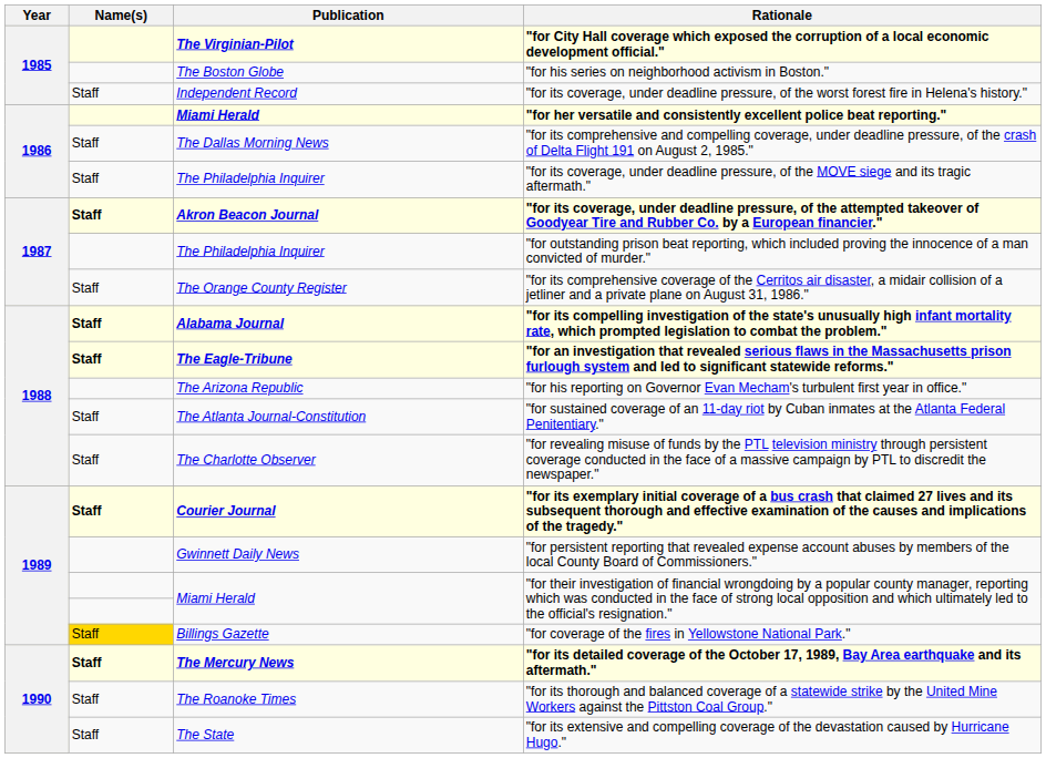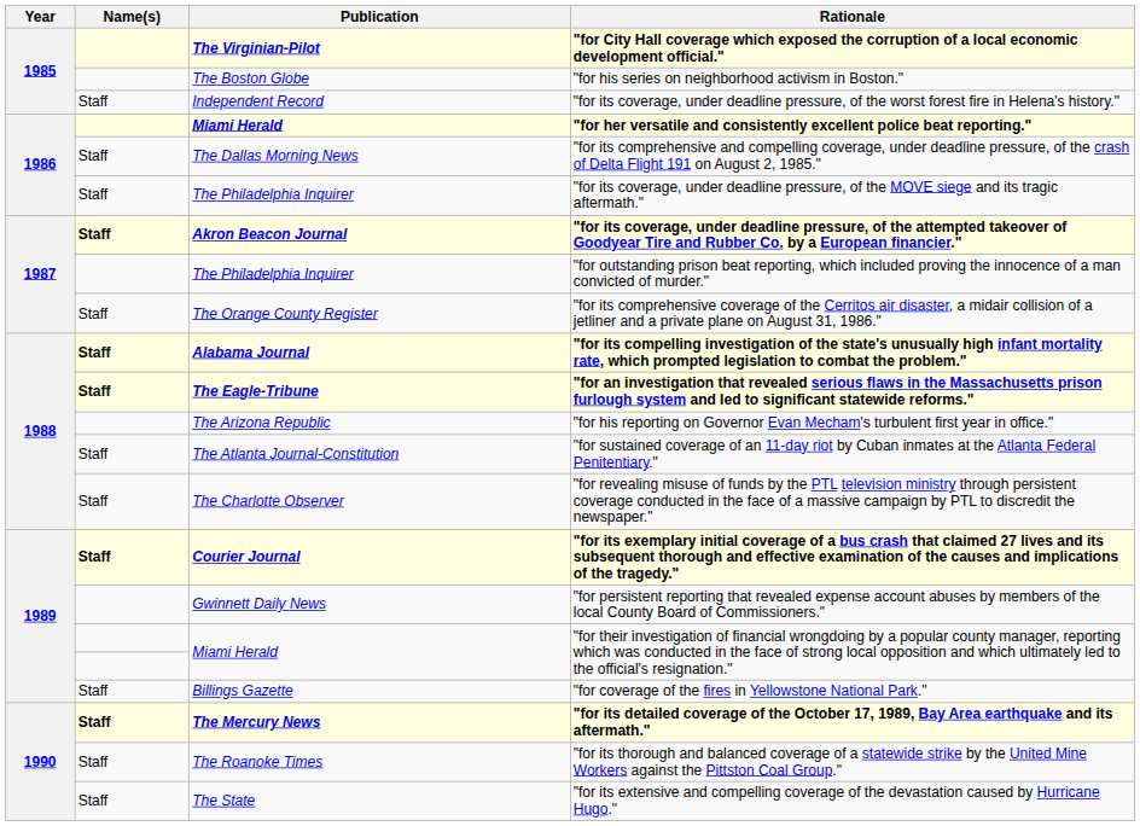 <table class="wikitable sortable">
 <tr style="vertical-align:bottom;">
 <th>Year</th>
 <th>Name(s)</th>
 <th>Publication</th>
 <th width=50%>Rationale</th>
 </tr>
 <tr style="background-color:lightyellow;">
 <th rowspan=3><strong><a href='#'>1985</a></strong></th>
 <td><strong></strong></td>
 <td><strong><em><a href='#'>The Virginian-Pilot</a></em></strong></td>
 <td><strong>"for City Hall coverage which exposed the corruption of a local economic development official."</strong></td>
 </tr>
 <tr>
 <td></td>
 <td><em><a href='#'>The Boston Globe</a></em></td>
 <td>"for his series on neighborhood activism in Boston."</td>
 </tr>
 <tr>
 <td>Staff</td>
 <td><em><a href='#'>Independent Record</a></em></td>
 <td>"for its coverage, under deadline pressure, of the worst forest fire in Helena's history."</td>
 </tr>
 <tr style="background-color:lightyellow;">
 <th rowspan=3><strong><a href='#'>1986</a></strong></th>
 <td><strong></strong></td>
 <td><strong><em><a href='#'>Miami Herald</a></em></strong></td>
 <td><strong>"for her versatile and consistently excellent police beat reporting."</strong></td>
 </tr>
 <tr>
 <td>Staff</td>
 <td><em><a href='#'>The Dallas Morning News</a></em></td>
 <td>"for its comprehensive and compelling coverage, under deadline pressure, of the <a href='#'>crash of Delta Flight 191</a> on August 2, 1985."</td>
 </tr>
 <tr>
 <td>Staff</td>
 <td><em><a href='#'>The Philadelphia Inquirer</a></em></td>
 <td>"for its coverage, under deadline pressure, of the <a href='#'>MOVE siege</a> and its tragic aftermath."</td>
 </tr>
 <tr style="background-color:lightyellow;">
 <th rowspan=3><strong><a href='#'>1987</a></strong></th>
 <td><strong>Staff</strong></td>
 <td><strong><em><a href='#'>Akron Beacon Journal</a></em></strong></td>
 <td><strong>"for its coverage, under deadline pressure, of the attempted takeover of <a href='#'>Goodyear Tire and Rubber Co.</a> by a <a href='#'>European financier</a>."</strong></td>
 </tr>
 <tr>
 <td></td>
 <td><em><a href='#'>The Philadelphia Inquirer</a></em></td>
 <td>"for outstanding prison beat reporting, which included proving the innocence of a man convicted of murder."</td>
 </tr>
 <tr>
 <td>Staff</td>
 <td><em><a href='#'>The Orange County Register</a></em></td>
 <td>"for its comprehensive coverage of the <a href='#'>Cerritos air disaster</a>, a midair collision of a jetliner and a private plane on August 31, 1986."</td>
 </tr>
 <tr style="background-color:lightyellow;">
 <th rowspan=5><strong><a href='#'>1988</a></strong></th>
 <td><strong>Staff</strong></td>
 <td><strong><em><a href='#'>Alabama Journal</a></em></strong></td>
 <td><strong>"for its compelling investigation of the state's unusually high <a href='#'>infant mortality rate</a>, which prompted legislation to combat the problem."</strong></td>
 </tr>
 <tr style="background-color:lightyellow;">
 <td><strong>Staff</strong></td>
 <td><strong><em><a href='#'>The Eagle-Tribune</a></em></strong></td>
 <td><strong>"for an investigation that revealed <a href='#'>serious flaws in the Massachusetts prison furlough system</a> and led to significant statewide reforms."</strong></td>
 </tr>
 <tr>
 <td></td>
 <td><em><a href='#'>The Arizona Republic</a></em></td>
 <td>"for his reporting on Governor <a href='#'>Evan Mecham</a>'s turbulent first year in office."</td>
 </tr>
 <tr>
 <td>Staff</td>
 <td><em><a href='#'>The Atlanta Journal-Constitution</a></em></td>
 <td>"for sustained coverage of an <a href='#'>11-day riot</a> by Cuban inmates at the <a href='#'>Atlanta Federal Penitentiary</a>."</td>
 </tr>
 <tr>
 <td>Staff</td>
 <td><em><a href='#'>The Charlotte Observer</a></em></td>
 <td>"for revealing misuse of funds by the <a href='#'>PTL</a> <a href='#'>television ministry</a> through persistent coverage conducted in the face of a massive campaign by PTL to discredit the newspaper."</td>
 </tr>
 <tr style="background-color:lightyellow;">
 <th rowspan=5><strong><a href='#'>1989</a></strong></th>
 <td><strong>Staff</strong></td>
 <td><strong><em><a href='#'>Courier Journal</a></em></strong></td>
 <td><strong>"for its exemplary initial coverage of a <a href='#'>bus crash</a> that claimed 27 lives and its subsequent thorough and effective examination of the causes and implications of the tragedy."</strong></td>
 </tr>
 <tr>
 <td></td>
 <td><em><a href='#'>Gwinnett Daily News</a></em></td>
 <td>"for persistent reporting that revealed expense account abuses by members of the local County Board of Commissioners."</td>
 </tr>
 <tr>
 <td></td>
 <td rowspan=2><em><a href='#'>Miami Herald</a></em></td>
 <td rowspan=2>"for their investigation of financial wrongdoing by a popular county manager, reporting which was conducted in the face of strong local opposition and which ultimately led to the official's resignation."</td>
 </tr>
 <tr>
 <td></td>
 </tr>
 <tr>
-<td style="background: gold;">Staff</td>
+<td>Staff</td>
 <td><em><a href='#'>Billings Gazette</a></em></td>
 <td>"for coverage of the <a href='#'>fires</a> in <a href='#'>Yellowstone National Park</a>."</td>
 </tr>
 <tr style="background-color:lightyellow;">
 <th rowspan=3><strong><a href='#'>1990</a></strong></th>
 <td><strong>Staff</strong></td>
 <td><strong><em><a href='#'>The Mercury News</a></em></strong></td>
 <td><strong>"for its detailed coverage of the October 17, 1989, <a href='#'>Bay Area earthquake</a> and its aftermath."</strong></td>
 </tr>
 <tr>
 <td>Staff</td>
 <td><em><a href='#'>The Roanoke Times</a></em></td>
 <td>"for its thorough and balanced coverage of a <a href='#'>statewide strike</a> by the <a href='#'>United Mine Workers</a> against the <a href='#'>Pittston Coal Group</a>."</td>
 </tr>
 <tr>
 <td>Staff</td>
 <td><em><a href='#'>The State</a></em></td>
 <td>"for its extensive and compelling coverage of the devastation caused by <a href='#'>Hurricane Hugo</a>."</td>
 </tr>
 </table>
